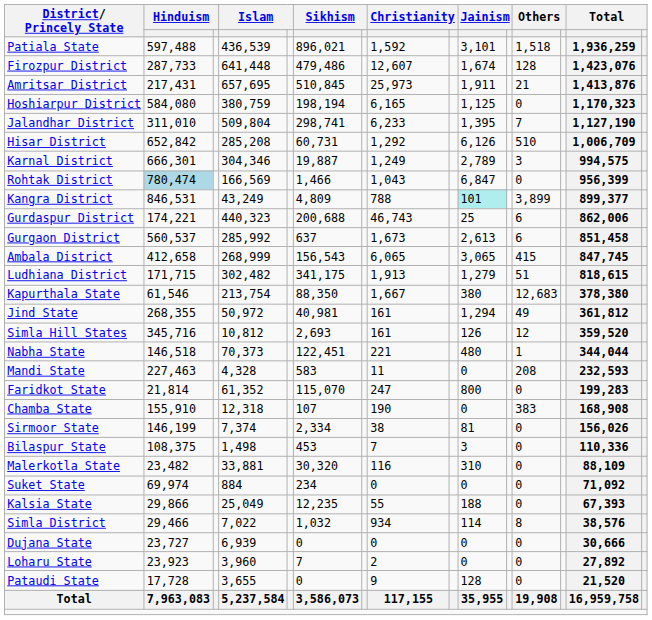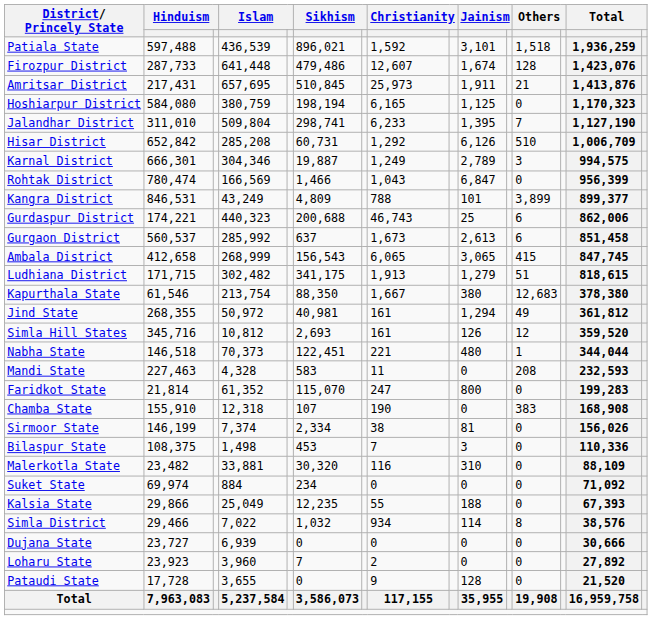 <table class="wikitable sortable mw-collapsible">
 <tr>
 <th rowspan="2"><a href='#'>District</a>/<br><a href='#'>Princely State</a></th>
 <th colspan="2"><a href='#'>Hinduism</a> </th>
 <th colspan="2"><a href='#'>Islam</a> </th>
 <th colspan="2"><a href='#'>Sikhism</a> </th>
 <th colspan="2"><a href='#'>Christianity</a> </th>
 <th colspan="2"><a href='#'>Jainism</a> </th>
 <th colspan="2">Others</th>
 <th colspan="2">Total</th>
 </tr>
 <tr>
 <th><a href='#'></a></th>
 <th></th>
 <th></th>
 <th></th>
 <th></th>
 <th></th>
 <th></th>
 <th></th>
 <th></th>
 <th></th>
 <th></th>
 <th></th>
 <th></th>
 <th></th>
 </tr>
 <tr>
 <td><a href='#'>Patiala State</a></td>
 <td>597,488</td>
 <td></td>
 <td>436,539</td>
 <td></td>
 <td>896,021</td>
 <td></td>
 <td>1,592</td>
 <td></td>
 <td>3,101</td>
 <td></td>
 <td>1,518</td>
 <td></td>
 <th>1,936,259</th>
 <th></th>
 </tr>
 <tr>
 <td><a href='#'>Firozpur District</a></td>
 <td>287,733</td>
 <td></td>
 <td>641,448</td>
 <td></td>
 <td>479,486</td>
 <td></td>
 <td>12,607</td>
 <td></td>
 <td>1,674</td>
 <td></td>
 <td>128</td>
 <td></td>
 <th>1,423,076</th>
 <th></th>
 </tr>
 <tr>
 <td><a href='#'>Amritsar District</a></td>
 <td>217,431</td>
 <td></td>
 <td>657,695</td>
 <td></td>
 <td>510,845</td>
 <td></td>
 <td>25,973</td>
 <td></td>
 <td>1,911</td>
 <td></td>
 <td>21</td>
 <td></td>
 <th>1,413,876</th>
 <th></th>
 </tr>
 <tr>
 <td><a href='#'>Hoshiarpur District</a></td>
 <td>584,080</td>
 <td></td>
 <td>380,759</td>
 <td></td>
 <td>198,194</td>
 <td></td>
 <td>6,165</td>
 <td></td>
 <td>1,125</td>
 <td></td>
 <td>0</td>
 <td></td>
 <th>1,170,323</th>
 <th></th>
 </tr>
 <tr>
 <td><a href='#'>Jalandhar District</a></td>
 <td>311,010</td>
 <td></td>
 <td>509,804</td>
 <td></td>
 <td>298,741</td>
 <td></td>
 <td>6,233</td>
 <td></td>
 <td>1,395</td>
 <td></td>
 <td>7</td>
 <td></td>
 <th>1,127,190</th>
 <th></th>
 </tr>
 <tr>
 <td><a href='#'>Hisar District</a></td>
 <td>652,842</td>
 <td></td>
 <td>285,208</td>
 <td></td>
 <td>60,731</td>
 <td></td>
 <td>1,292</td>
 <td></td>
 <td>6,126</td>
 <td></td>
 <td>510</td>
 <td></td>
 <th>1,006,709</th>
 <th></th>
 </tr>
 <tr>
 <td><a href='#'>Karnal District</a></td>
 <td>666,301</td>
 <td></td>
 <td>304,346</td>
 <td></td>
 <td>19,887</td>
 <td></td>
 <td>1,249</td>
 <td></td>
 <td>2,789</td>
 <td></td>
 <td>3</td>
 <td></td>
 <th>994,575</th>
 <th></th>
 </tr>
 <tr>
 <td><a href='#'>Rohtak District</a></td>
-<td style="background: lightblue;">780,474</td>
+<td>780,474</td>
 <td></td>
 <td>166,569</td>
 <td></td>
 <td>1,466</td>
 <td></td>
 <td>1,043</td>
 <td></td>
 <td>6,847</td>
 <td></td>
 <td>0</td>
 <td></td>
 <th>956,399</th>
 <th></th>
 </tr>
 <tr>
 <td><a href='#'>Kangra District</a></td>
 <td>846,531</td>
 <td></td>
 <td>43,249</td>
 <td></td>
 <td>4,809</td>
 <td></td>
 <td>788</td>
 <td></td>
-<td style="background: paleturquoise;">101</td>
+<td>101</td>
 <td></td>
 <td>3,899</td>
 <td></td>
 <th>899,377</th>
 <th></th>
 </tr>
 <tr>
 <td><a href='#'>Gurdaspur District</a></td>
 <td>174,221</td>
 <td></td>
 <td>440,323</td>
 <td></td>
 <td>200,688</td>
 <td></td>
 <td>46,743</td>
 <td></td>
 <td>25</td>
 <td></td>
 <td>6</td>
 <td></td>
 <th>862,006</th>
 <th></th>
 </tr>
 <tr>
 <td><a href='#'>Gurgaon District</a></td>
 <td>560,537</td>
 <td></td>
 <td>285,992</td>
 <td></td>
 <td>637</td>
 <td></td>
 <td>1,673</td>
 <td></td>
 <td>2,613</td>
 <td></td>
 <td>6</td>
 <td></td>
 <th>851,458</th>
 <th></th>
 </tr>
 <tr>
 <td><a href='#'>Ambala District</a></td>
 <td>412,658</td>
 <td></td>
 <td>268,999</td>
 <td></td>
 <td>156,543</td>
 <td></td>
 <td>6,065</td>
 <td></td>
 <td>3,065</td>
 <td></td>
 <td>415</td>
 <td></td>
 <th>847,745</th>
 <th></th>
 </tr>
 <tr>
 <td><a href='#'>Ludhiana District</a></td>
 <td>171,715</td>
 <td></td>
 <td>302,482</td>
 <td></td>
 <td>341,175</td>
 <td></td>
 <td>1,913</td>
 <td></td>
 <td>1,279</td>
 <td></td>
 <td>51</td>
 <td></td>
 <th>818,615</th>
 <th></th>
 </tr>
 <tr>
 <td><a href='#'>Kapurthala State</a></td>
 <td>61,546</td>
 <td></td>
 <td>213,754</td>
 <td></td>
 <td>88,350</td>
 <td></td>
 <td>1,667</td>
 <td></td>
 <td>380</td>
 <td></td>
 <td>12,683</td>
 <td></td>
 <th>378,380</th>
 <th></th>
 </tr>
 <tr>
 <td><a href='#'>Jind State</a></td>
 <td>268,355</td>
 <td></td>
 <td>50,972</td>
 <td></td>
 <td>40,981</td>
 <td></td>
 <td>161</td>
 <td></td>
 <td>1,294</td>
 <td></td>
 <td>49</td>
 <td></td>
 <th>361,812</th>
 <th></th>
 </tr>
 <tr>
 <td><a href='#'>Simla Hill States</a></td>
 <td>345,716</td>
 <td></td>
 <td>10,812</td>
 <td></td>
 <td>2,693</td>
 <td></td>
 <td>161</td>
 <td></td>
 <td>126</td>
 <td></td>
 <td>12</td>
 <td></td>
 <th>359,520</th>
 <th></th>
 </tr>
 <tr>
 <td><a href='#'>Nabha State</a></td>
 <td>146,518</td>
 <td></td>
 <td>70,373</td>
 <td></td>
 <td>122,451</td>
 <td></td>
 <td>221</td>
 <td></td>
 <td>480</td>
 <td></td>
 <td>1</td>
 <td></td>
 <th>344,044</th>
 <th></th>
 </tr>
 <tr>
 <td><a href='#'>Mandi State</a></td>
 <td>227,463</td>
 <td></td>
 <td>4,328</td>
 <td></td>
 <td>583</td>
 <td></td>
 <td>11</td>
 <td></td>
 <td>0</td>
 <td></td>
 <td>208</td>
 <td></td>
 <th>232,593</th>
 <th></th>
 </tr>
 <tr>
 <td><a href='#'>Faridkot State</a></td>
 <td>21,814</td>
 <td></td>
 <td>61,352</td>
 <td></td>
 <td>115,070</td>
 <td></td>
 <td>247</td>
 <td></td>
 <td>800</td>
 <td></td>
 <td>0</td>
 <td></td>
 <th>199,283</th>
 <th></th>
 </tr>
 <tr>
 <td><a href='#'>Chamba State</a></td>
 <td>155,910</td>
 <td></td>
 <td>12,318</td>
 <td></td>
 <td>107</td>
 <td></td>
 <td>190</td>
 <td></td>
 <td>0</td>
 <td></td>
 <td>383</td>
 <td></td>
 <th>168,908</th>
 <th></th>
 </tr>
 <tr>
 <td><a href='#'>Sirmoor State</a></td>
 <td>146,199</td>
 <td></td>
 <td>7,374</td>
 <td></td>
 <td>2,334</td>
 <td></td>
 <td>38</td>
 <td></td>
 <td>81</td>
 <td></td>
 <td>0</td>
 <td></td>
 <th>156,026</th>
 <th></th>
 </tr>
 <tr>
 <td><a href='#'>Bilaspur State</a></td>
 <td>108,375</td>
 <td></td>
 <td>1,498</td>
 <td></td>
 <td>453</td>
 <td></td>
 <td>7</td>
 <td></td>
 <td>3</td>
 <td></td>
 <td>0</td>
 <td></td>
 <th>110,336</th>
 <th></th>
 </tr>
 <tr>
 <td><a href='#'>Malerkotla State</a></td>
 <td>23,482</td>
 <td></td>
 <td>33,881</td>
 <td></td>
 <td>30,320</td>
 <td></td>
 <td>116</td>
 <td></td>
 <td>310</td>
 <td></td>
 <td>0</td>
 <td></td>
 <th>88,109</th>
 <th></th>
 </tr>
 <tr>
 <td><a href='#'>Suket State</a></td>
 <td>69,974</td>
 <td></td>
 <td>884</td>
 <td></td>
 <td>234</td>
 <td></td>
 <td>0</td>
 <td></td>
 <td>0</td>
 <td></td>
 <td>0</td>
 <td></td>
 <th>71,092</th>
 <th></th>
 </tr>
 <tr>
 <td><a href='#'>Kalsia State</a></td>
 <td>29,866</td>
 <td></td>
 <td>25,049</td>
 <td></td>
 <td>12,235</td>
 <td></td>
 <td>55</td>
 <td></td>
 <td>188</td>
 <td></td>
 <td>0</td>
 <td></td>
 <th>67,393</th>
 <th></th>
 </tr>
 <tr>
 <td><a href='#'>Simla District</a></td>
 <td>29,466</td>
 <td></td>
 <td>7,022</td>
 <td></td>
 <td>1,032</td>
 <td></td>
 <td>934</td>
 <td></td>
 <td>114</td>
 <td></td>
 <td>8</td>
 <td></td>
 <th>38,576</th>
 <th></th>
 </tr>
 <tr>
 <td><a href='#'>Dujana State</a></td>
 <td>23,727</td>
 <td></td>
 <td>6,939</td>
 <td></td>
 <td>0</td>
 <td></td>
 <td>0</td>
 <td></td>
 <td>0</td>
 <td></td>
 <td>0</td>
 <td></td>
 <th>30,666</th>
 <th></th>
 </tr>
 <tr>
 <td><a href='#'>Loharu State</a></td>
 <td>23,923</td>
 <td></td>
 <td>3,960</td>
 <td></td>
 <td>7</td>
 <td></td>
 <td>2</td>
 <td></td>
 <td>0</td>
 <td></td>
 <td>0</td>
 <td></td>
 <th>27,892</th>
 <th></th>
 </tr>
 <tr>
 <td><a href='#'>Pataudi State</a></td>
 <td>17,728</td>
 <td></td>
 <td>3,655</td>
 <td></td>
 <td>0</td>
 <td></td>
 <td>9</td>
 <td></td>
 <td>128</td>
 <td></td>
 <td>0</td>
 <td></td>
 <th>21,520</th>
 <th></th>
 </tr>
 <tr>
 <th>Total</th>
 <th>7,963,083</th>
 <th></th>
 <th>5,237,584</th>
 <th></th>
 <th>3,586,073</th>
 <th></th>
 <th>117,155</th>
 <th></th>
 <th>35,955</th>
 <th></th>
 <th>19,908</th>
 <th></th>
 <th>16,959,758</th>
 <th></th>
 </tr>
 <tr class="sortbottom">
 <td colspan="15"></td>
 </tr>
 </table>
